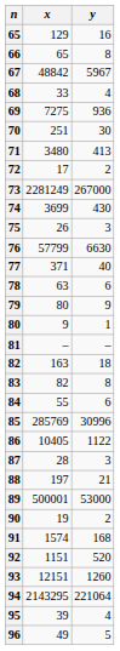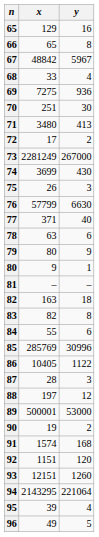 <table class="wikitable" style="text-align: right; display: inline-table;">
 <tr>
 <th><em>n</em></th>
 <th><em>x</em></th>
 <th><em>y</em></th>
 </tr>
 <tr>
 <th>65</th>
 <td>129</td>
 <td>16</td>
 </tr>
 <tr>
 <th>66</th>
 <td>65</td>
 <td>8</td>
 </tr>
 <tr>
 <th>67</th>
 <td>48842</td>
 <td>5967</td>
 </tr>
 <tr>
 <th>68</th>
 <td>33</td>
 <td>4</td>
 </tr>
 <tr>
 <th>69</th>
 <td>7275</td>
 <td>936</td>
 </tr>
 <tr>
 <th>70</th>
 <td>251</td>
 <td>30</td>
 </tr>
 <tr>
 <th>71</th>
 <td>3480</td>
 <td>413</td>
 </tr>
 <tr>
 <th>72</th>
 <td>17</td>
 <td>2</td>
 </tr>
 <tr>
 <th>73</th>
 <td>2281249</td>
 <td>267000</td>
 </tr>
 <tr>
 <th>74</th>
 <td>3699</td>
 <td>430</td>
 </tr>
 <tr>
 <th>75</th>
 <td>26</td>
 <td>3</td>
 </tr>
 <tr>
 <th>76</th>
 <td>57799</td>
 <td>6630</td>
 </tr>
 <tr>
 <th>77</th>
 <td>371</td>
 <td>40</td>
 </tr>
 <tr>
 <th>78</th>
 <td>63</td>
 <td>6</td>
 </tr>
 <tr>
 <th>79</th>
 <td>80</td>
 <td>9</td>
 </tr>
 <tr>
 <th>80</th>
 <td>9</td>
 <td>1</td>
 </tr>
 <tr>
 <th>81</th>
 <td>–</td>
 <td>–</td>
 </tr>
 <tr>
 <th>82</th>
 <td>163</td>
 <td>18</td>
 </tr>
 <tr>
 <th>83</th>
 <td>82</td>
 <td>8</td>
 </tr>
 <tr>
 <th>84</th>
 <td>55</td>
 <td>6</td>
 </tr>
 <tr>
 <th>85</th>
 <td>285769</td>
 <td>30996</td>
 </tr>
 <tr>
 <th>86</th>
 <td>10405</td>
 <td>1122</td>
 </tr>
 <tr>
 <th>87</th>
 <td>28</td>
 <td>3</td>
 </tr>
 <tr>
 <th>88</th>
 <td>197</td>
-<td>21</td>
+<td>12</td>
 </tr>
 <tr>
 <th>89</th>
 <td>500001</td>
 <td>53000</td>
 </tr>
 <tr>
 <th>90</th>
 <td>19</td>
 <td>2</td>
 </tr>
 <tr>
 <th>91</th>
 <td>1574</td>
 <td>168</td>
 </tr>
 <tr>
 <th>92</th>
 <td>1151</td>
-<td>520</td>
+<td>120</td>
 </tr>
 <tr>
 <th>93</th>
 <td>12151</td>
 <td>1260</td>
 </tr>
 <tr>
 <th>94</th>
 <td>2143295</td>
 <td>221064</td>
 </tr>
 <tr>
 <th>95</th>
 <td>39</td>
 <td>4</td>
 </tr>
 <tr>
 <th>96</th>
 <td>49</td>
 <td>5</td>
 </tr>
 </table>
